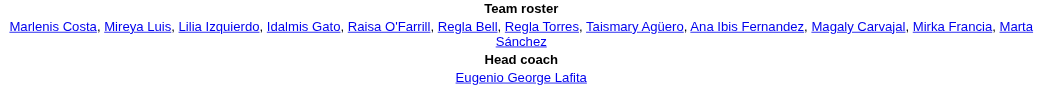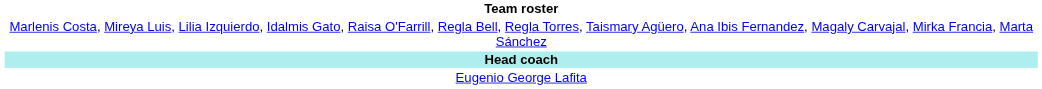 <table style="text-align:center; margin-top:2em; margin-left:auto; margin-right:auto">
 <tr>
 <td><strong>Team roster</strong></td>
 </tr>
 <tr>
 <td><a href='#'>Marlenis Costa</a>, <a href='#'>Mireya Luis</a>, <a href='#'>Lilia Izquierdo</a>, <a href='#'>Idalmis Gato</a>, <a href='#'>Raisa O'Farrill</a>, <a href='#'>Regla Bell</a>, <a href='#'>Regla Torres</a>, <a href='#'>Taismary Agüero</a>, <a href='#'>Ana Ibis Fernandez</a>, <a href='#'>Magaly Carvajal</a>, <a href='#'>Mirka Francia</a>, <a href='#'>Marta Sánchez</a></td>
 </tr>
 <tr>
-<td><strong>Head coach</strong></td>
+<td style="background: paleturquoise;"><strong>Head coach</strong></td>
 </tr>
 <tr>
 <td><a href='#'>Eugenio George Lafita</a></td>
 </tr>
 <tr>
 </tr>
 </table>
